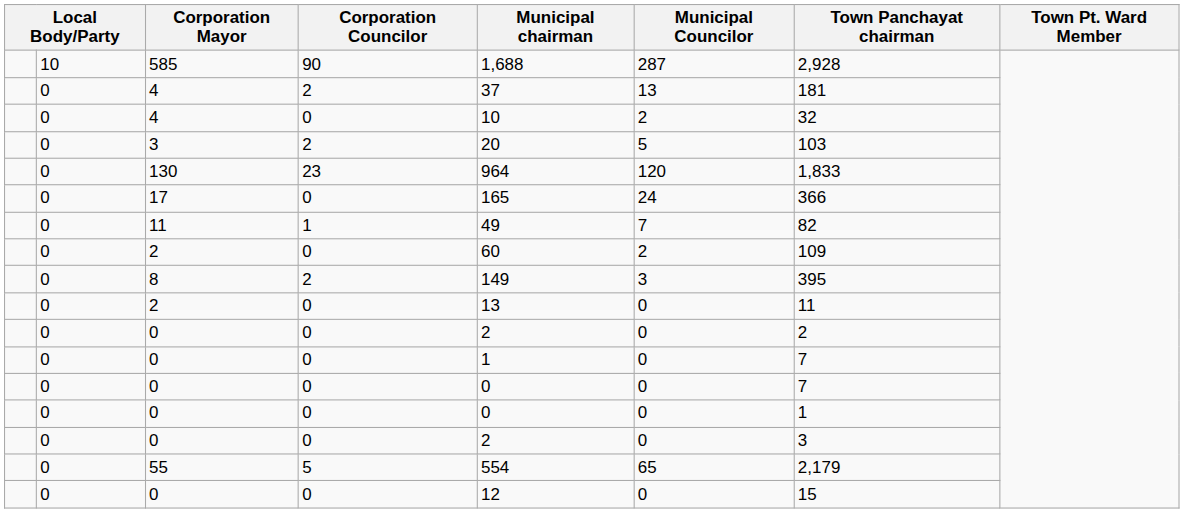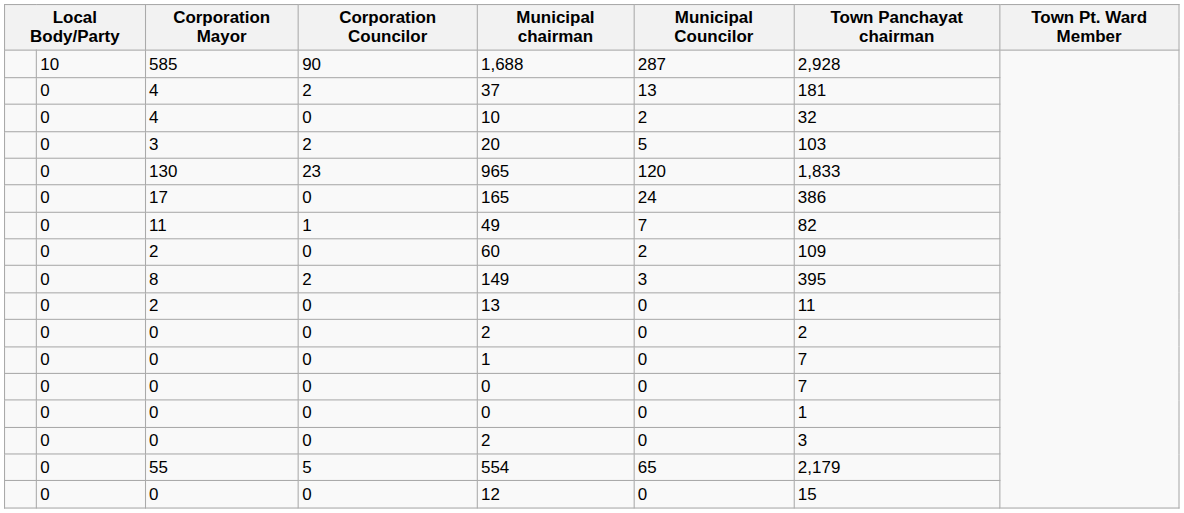 <table class="wikitable sortable" width="70%" style="font-size: x-big; font-family: arial">
 <tr>
 <th colspan="2">Local Body/Party</th>
 <th>Corporation Mayor</th>
 <th>Corporation Councilor</th>
 <th>Municipal chairman</th>
 <th>Municipal Councilor</th>
 <th>Town Panchayat chairman</th>
 <th>Town Pt. Ward Member</th>
 </tr>
 <tr>
 <td></td>
 <td>10</td>
 <td>585</td>
 <td>90</td>
 <td>1,688</td>
 <td>287</td>
 <td>2,928</td>
 </tr>
 <tr>
 <td></td>
 <td>0</td>
 <td>4</td>
 <td>2</td>
 <td>37</td>
 <td>13</td>
 <td>181</td>
 </tr>
 <tr>
 <td></td>
 <td>0</td>
 <td>4</td>
 <td>0</td>
 <td>10</td>
 <td>2</td>
 <td>32</td>
 </tr>
 <tr>
 <td></td>
 <td>0</td>
 <td>3</td>
 <td>2</td>
 <td>20</td>
 <td>5</td>
 <td>103</td>
 </tr>
 <tr>
 <td></td>
 <td>0</td>
 <td>130</td>
 <td>23</td>
-<td>964</td>
+<td>965</td>
 <td>120</td>
 <td>1,833</td>
 </tr>
 <tr>
 <td></td>
 <td>0</td>
 <td>17</td>
 <td>0</td>
 <td>165</td>
 <td>24</td>
-<td>366</td>
+<td>386</td>
 </tr>
 <tr>
 <td></td>
 <td>0</td>
 <td>11</td>
 <td>1</td>
 <td>49</td>
 <td>7</td>
 <td>82</td>
 </tr>
 <tr>
 <td></td>
 <td>0</td>
 <td>2</td>
 <td>0</td>
 <td>60</td>
 <td>2</td>
 <td>109</td>
 </tr>
 <tr>
 <td></td>
 <td>0</td>
 <td>8</td>
 <td>2</td>
 <td>149</td>
 <td>3</td>
 <td>395</td>
 </tr>
 <tr>
 <td></td>
 <td>0</td>
 <td>2</td>
 <td>0</td>
 <td>13</td>
 <td>0</td>
 <td>11</td>
 </tr>
 <tr>
 <td></td>
 <td>0</td>
 <td>0</td>
 <td>0</td>
 <td>2</td>
 <td>0</td>
 <td>2</td>
 </tr>
 <tr>
 <td></td>
 <td>0</td>
 <td>0</td>
 <td>0</td>
 <td>1</td>
 <td>0</td>
 <td>7</td>
 </tr>
 <tr>
 <td></td>
 <td>0</td>
 <td>0</td>
 <td>0</td>
 <td>0</td>
 <td>0</td>
 <td>7</td>
 </tr>
 <tr>
 <td></td>
 <td>0</td>
 <td>0</td>
 <td>0</td>
 <td>0</td>
 <td>0</td>
 <td>1</td>
 </tr>
 <tr>
 <td></td>
 <td>0</td>
 <td>0</td>
 <td>0</td>
 <td>2</td>
 <td>0</td>
 <td>3</td>
 </tr>
 <tr>
 <td></td>
 <td>0</td>
 <td>55</td>
 <td>5</td>
 <td>554</td>
 <td>65</td>
 <td>2,179</td>
 </tr>
 <tr>
 <td></td>
 <td>0</td>
 <td>0</td>
 <td>0</td>
 <td>12</td>
 <td>0</td>
 <td>15</td>
 </tr>
 </table>
